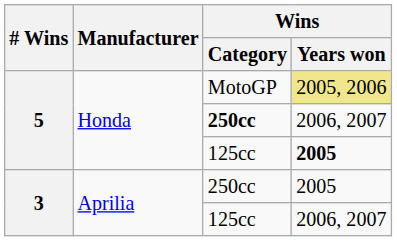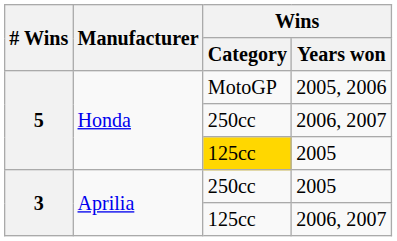 <table class="wikitable" style="font-size: 95%;">
 <tr>
 <th rowspan=2># Wins</th>
 <th rowspan=2>Manufacturer</th>
 <th colspan=2>Wins</th>
 </tr>
 <tr>
 <th>Category</th>
 <th>Years won</th>
 </tr>
 <tr>
 <th rowspan=3>5</th>
 <td rowspan=3> <a href='#'>Honda</a></td>
 <td>MotoGP</td>
-<td style="background: khaki;">2005, 2006</td>
+<td>2005, 2006</td>
 </tr>
 <tr>
-<td><strong>250cc</strong></td>
+<td>250cc</td>
 <td>2006, 2007</td>
 </tr>
 <tr>
-<td>125cc</td>
-<td><strong>2005</strong></td>
+<td style="background: gold;">125cc</td>
+<td>2005</td>
 </tr>
 <tr>
 <th rowspan=2>3</th>
 <td rowspan=2> <a href='#'>Aprilia</a></td>
 <td>250cc</td>
 <td>2005</td>
 </tr>
 <tr>
 <td>125cc</td>
 <td>2006, 2007</td>
 </tr>
 </table>
